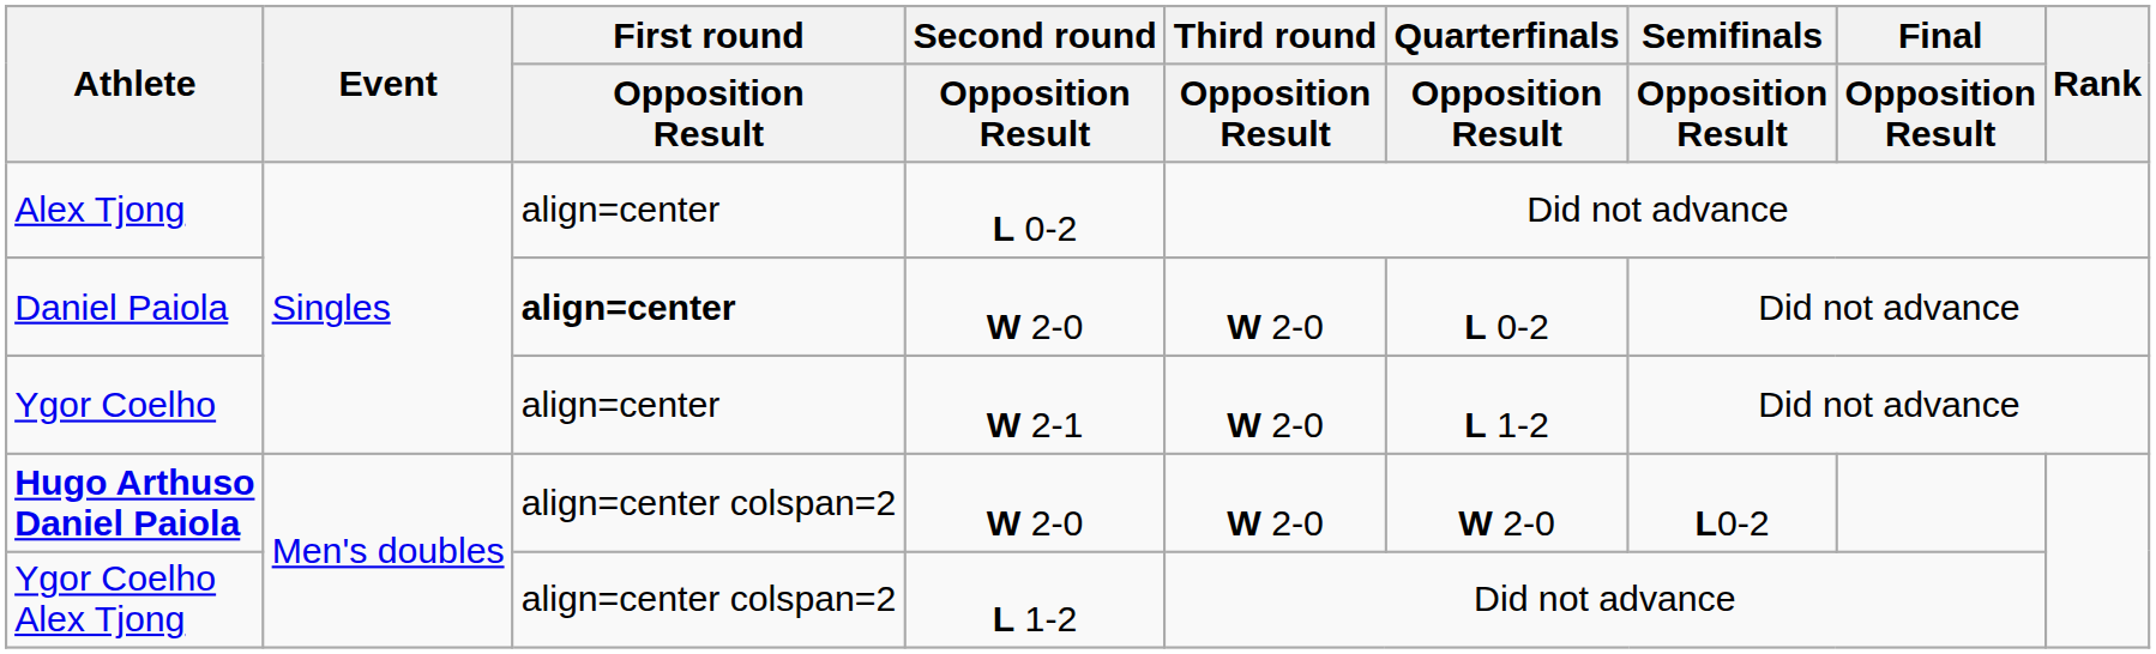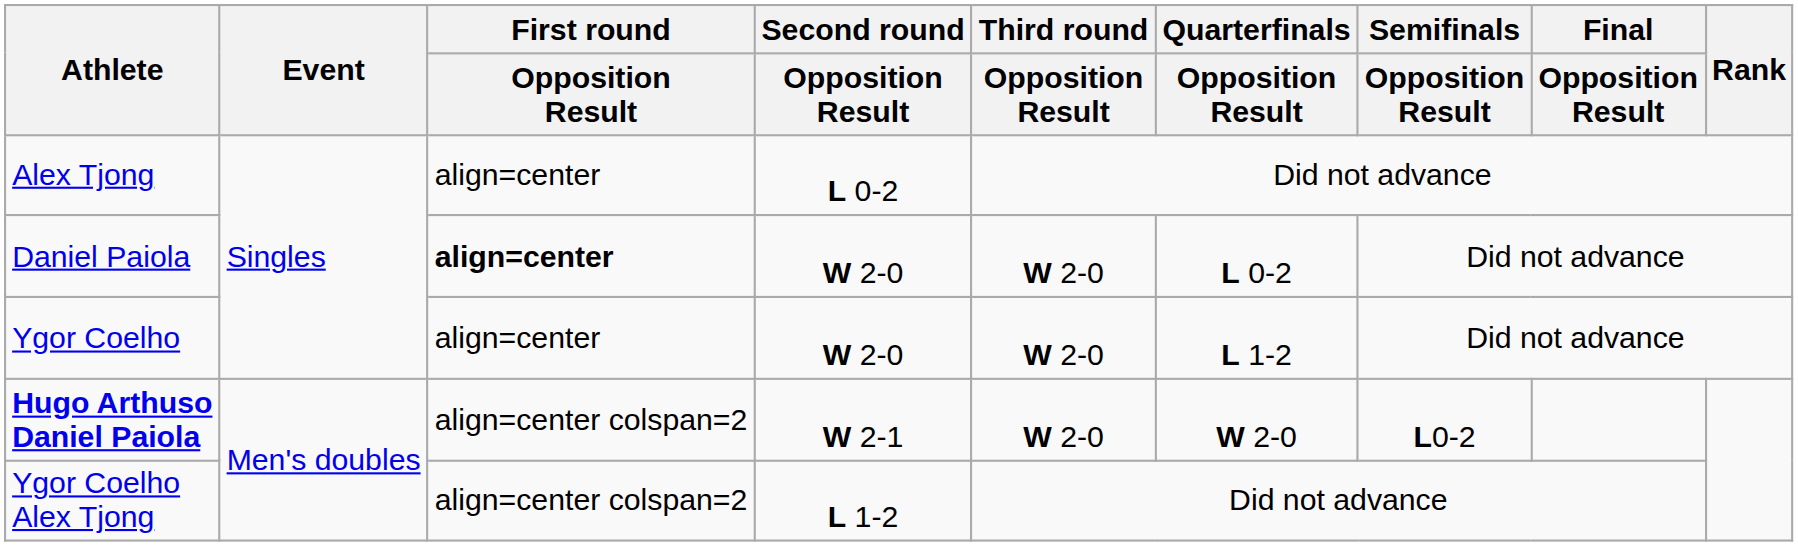 <table class="wikitable" style="font-size:90%">
 <tr>
 <th rowspan="2">Athlete</th>
 <th rowspan="2">Event</th>
 <th>First round</th>
 <th>Second round</th>
 <th>Third round</th>
 <th>Quarterfinals</th>
 <th>Semifinals</th>
 <th>Final</th>
 <th rowspan="2">Rank</th>
 </tr>
 <tr>
 <th>Opposition<br>Result</th>
 <th>Opposition<br>Result</th>
 <th>Opposition<br>Result</th>
 <th>Opposition<br>Result</th>
 <th>Opposition<br>Result</th>
 <th>Opposition<br>Result</th>
 </tr>
 <tr>
 <td><a href='#'>Alex Tjong</a></td>
 <td rowspan=3><a href='#'>Singles</a></td>
 <td>align=center </td>
 <td align=center><br><strong>L</strong> 0-2</td>
 <td align=center colspan=5>Did not advance</td>
 </tr>
 <tr>
 <td><a href='#'>Daniel Paiola</a></td>
 <td><strong>align=center </strong></td>
 <td align=center><br> <strong>W</strong> 2-0</td>
 <td align=center><br> <strong>W</strong> 2-0</td>
 <td align=center><br><strong>L</strong> 0-2</td>
 <td align=center colspan=5>Did not advance</td>
 </tr>
 <tr>
 <td><a href='#'>Ygor Coelho</a></td>
 <td>align=center </td>
-<td align=center><br><strong>W</strong> 2-1</td>
+<td align=center><br><strong>W</strong> 2-0</td>
 <td align=center><br><strong>W</strong> 2-0</td>
 <td align=center><br><strong>L</strong> 1-2</td>
 <td align=center colspan=5>Did not advance</td>
 </tr>
 <tr>
 <td><strong><a href='#'>Hugo Arthuso</a></strong><br><strong><a href='#'>Daniel Paiola</a></strong></td>
 <td rowspan=2><a href='#'>Men's doubles</a></td>
 <td>align=center colspan=2 </td>
-<td align=center><br><strong>W</strong> 2-0</td>
+<td align=center><br><strong>W</strong> 2-1</td>
 <td align=center><br><strong>W</strong> 2-0</td>
 <td align=center><br><strong>W</strong> 2-0</td>
 <td align=center><br><strong>L</strong>0-2</td>
 <td align=center></td>
 </tr>
 <tr>
 <td><a href='#'>Ygor Coelho</a><br><a href='#'>Alex Tjong</a></td>
 <td>align=center colspan=2 </td>
 <td align=center><br><strong>L</strong> 1-2</td>
 <td align=center colspan=4>Did not advance</td>
 </tr>
 </table>
